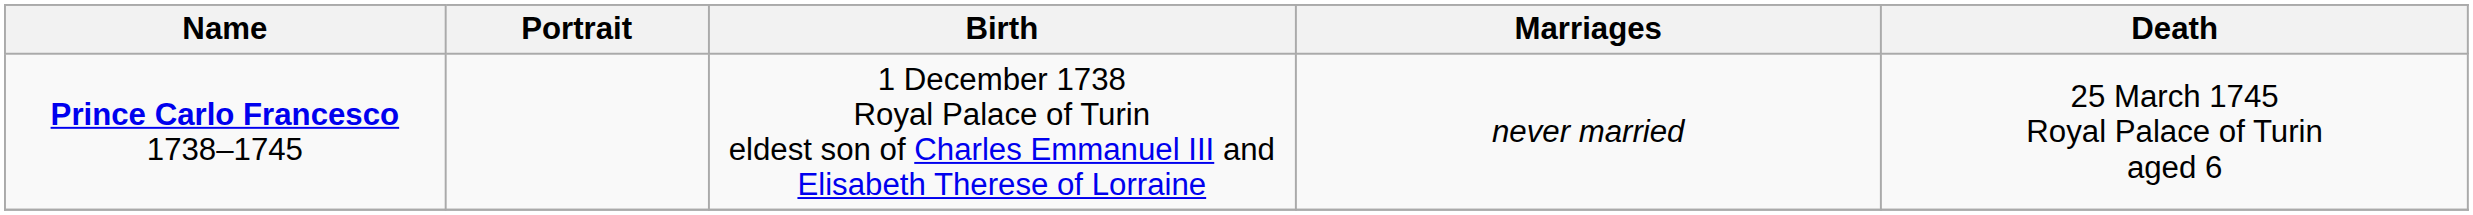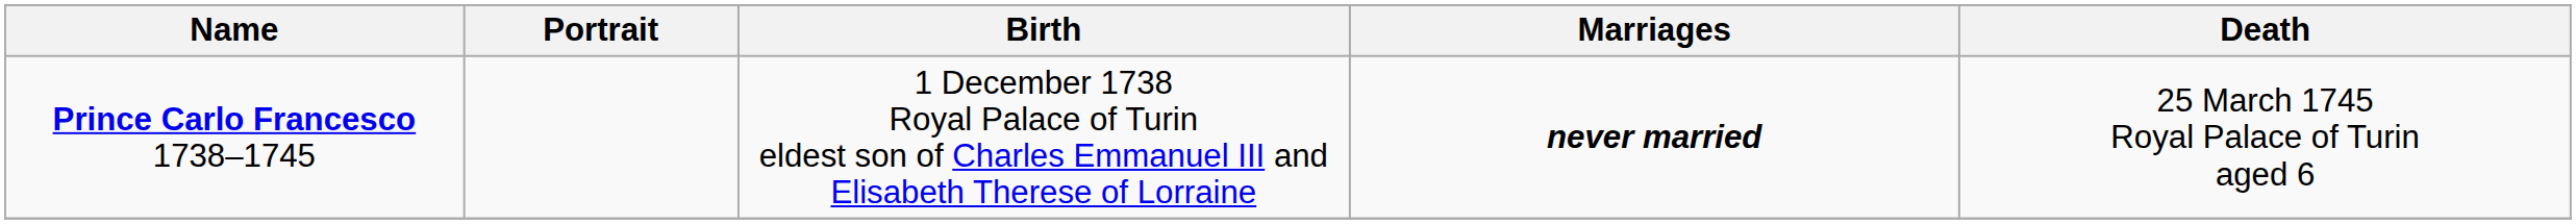 <table style="text-align:center; width:100%" class="wikitable">
 <tr>
 <th width=15%>Name</th>
 <th width=9%>Portrait</th>
 <th width=20%>Birth</th>
 <th width=20%>Marriages</th>
 <th width=20%>Death</th>
 </tr>
 <tr>
 <td width=auto><strong><a href='#'>Prince Carlo Francesco</a></strong><br>1738–1745</td>
 <td></td>
 <td>1 December 1738<br>Royal Palace of Turin<br>eldest son of <a href='#'>Charles Emmanuel III</a> and <a href='#'>Elisabeth Therese of Lorraine</a></td>
-<td><em>never married</em></td>
+<td><strong><em>never married</em></strong></td>
 <td>25 March 1745<br>Royal Palace of Turin<br>aged 6</td>
 </tr>
 <tr>
 </tr>
 </table>
